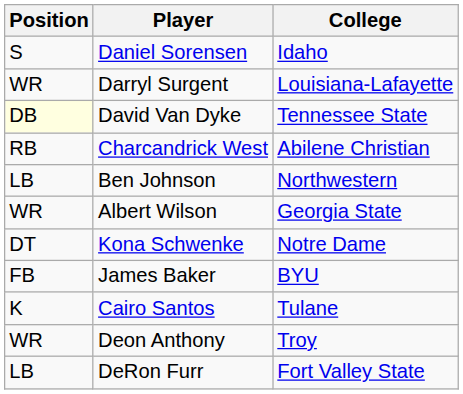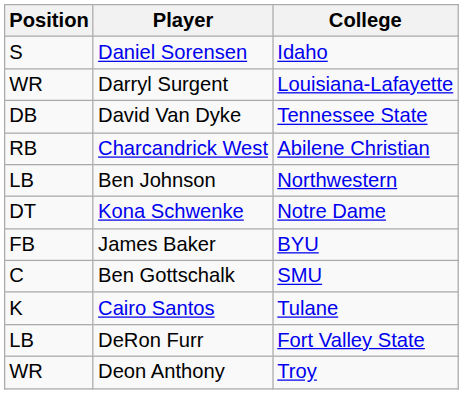 <table class="wikitable sortable">
 <tr>
 <th>Position</th>
 <th>Player</th>
 <th>College</th>
 </tr>
 <tr>
 <td>S</td>
 <td><a href='#'>Daniel Sorensen</a></td>
 <td><a href='#'>Idaho</a></td>
 </tr>
 <tr>
 <td>WR</td>
 <td>Darryl Surgent</td>
 <td><a href='#'>Louisiana-Lafayette</a></td>
 </tr>
 <tr>
-<td style="background: lightyellow;">DB</td>
+<td>DB</td>
 <td>David Van Dyke</td>
 <td><a href='#'>Tennessee State</a></td>
 </tr>
 <tr>
 <td>RB</td>
 <td><a href='#'>Charcandrick West</a></td>
 <td><a href='#'>Abilene Christian</a></td>
 </tr>
 <tr>
 <td>LB</td>
 <td>Ben Johnson</td>
 <td><a href='#'>Northwestern</a></td>
 </tr>
 <tr>
-<td>WR</td>
-<td>Albert Wilson</td>
-<td><a href='#'>Georgia State</a></td>
-</tr>
-<tr>
 <td>DT</td>
 <td><a href='#'>Kona Schwenke</a></td>
 <td><a href='#'>Notre Dame</a></td>
 </tr>
 <tr>
 <td>FB</td>
 <td>James Baker</td>
 <td><a href='#'>BYU</a></td>
 </tr>
 <tr>
+<td>C</td>
+<td>Ben Gottschalk</td>
+<td><a href='#'>SMU</a></td>
+</tr>
+<tr>
 <td>K</td>
 <td><a href='#'>Cairo Santos</a></td>
 <td><a href='#'>Tulane</a></td>
+</tr>
+<tr>
+<td>LB</td>
+<td>DeRon Furr</td>
+<td><a href='#'>Fort Valley State</a></td>
 </tr>
 <tr>
 <td>WR</td>
 <td>Deon Anthony</td>
 <td><a href='#'>Troy</a></td>
 </tr>
-<tr>
-<td>LB</td>
-<td>DeRon Furr</td>
-<td><a href='#'>Fort Valley State</a></td>
-</tr>
 </table>
